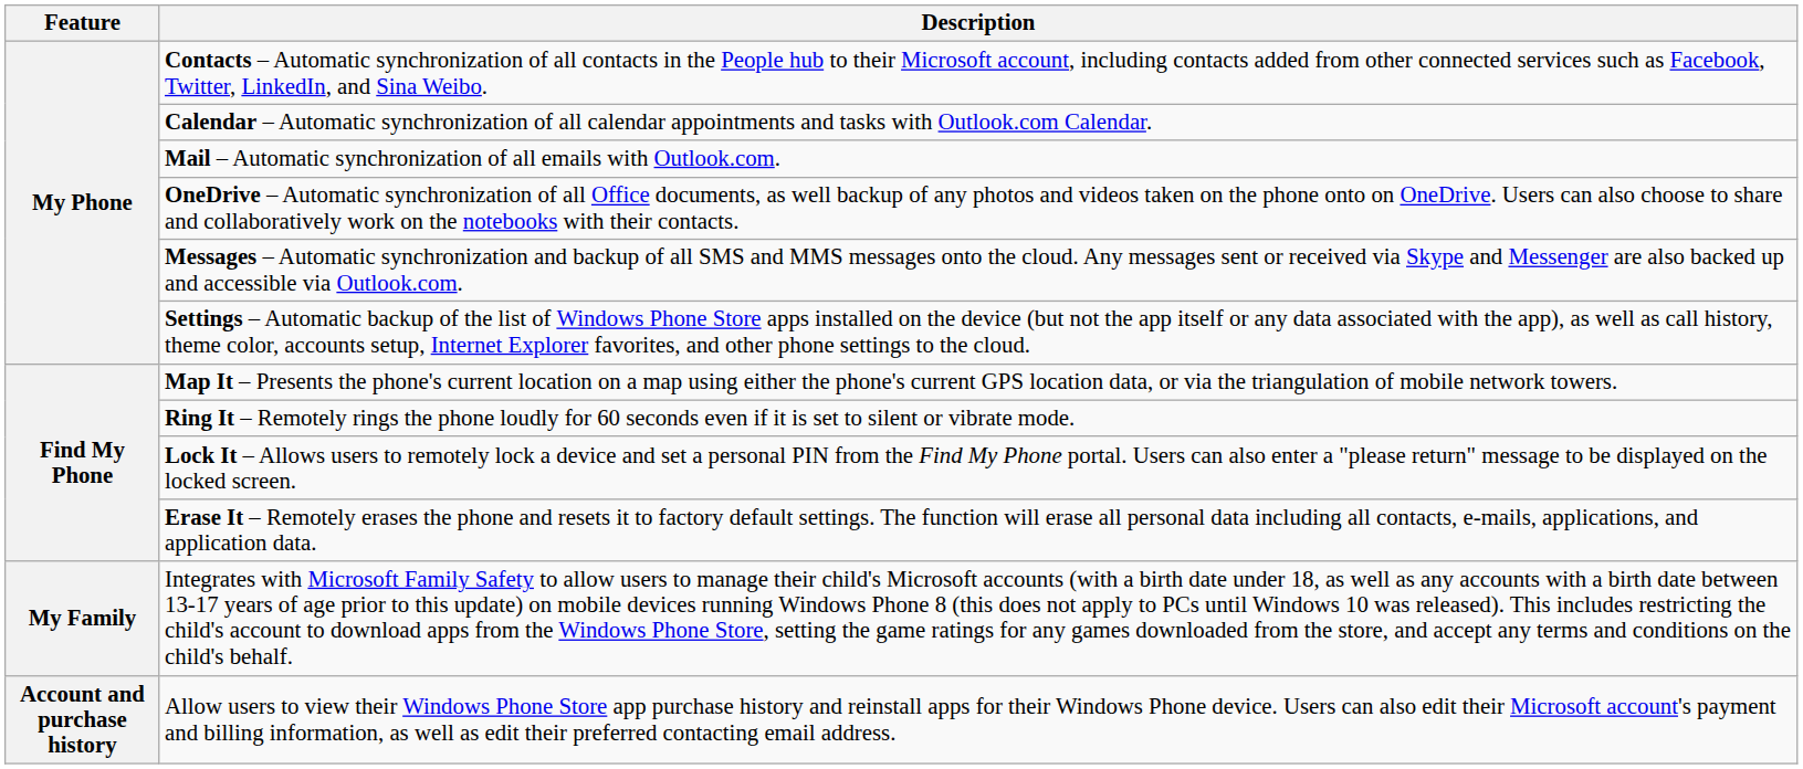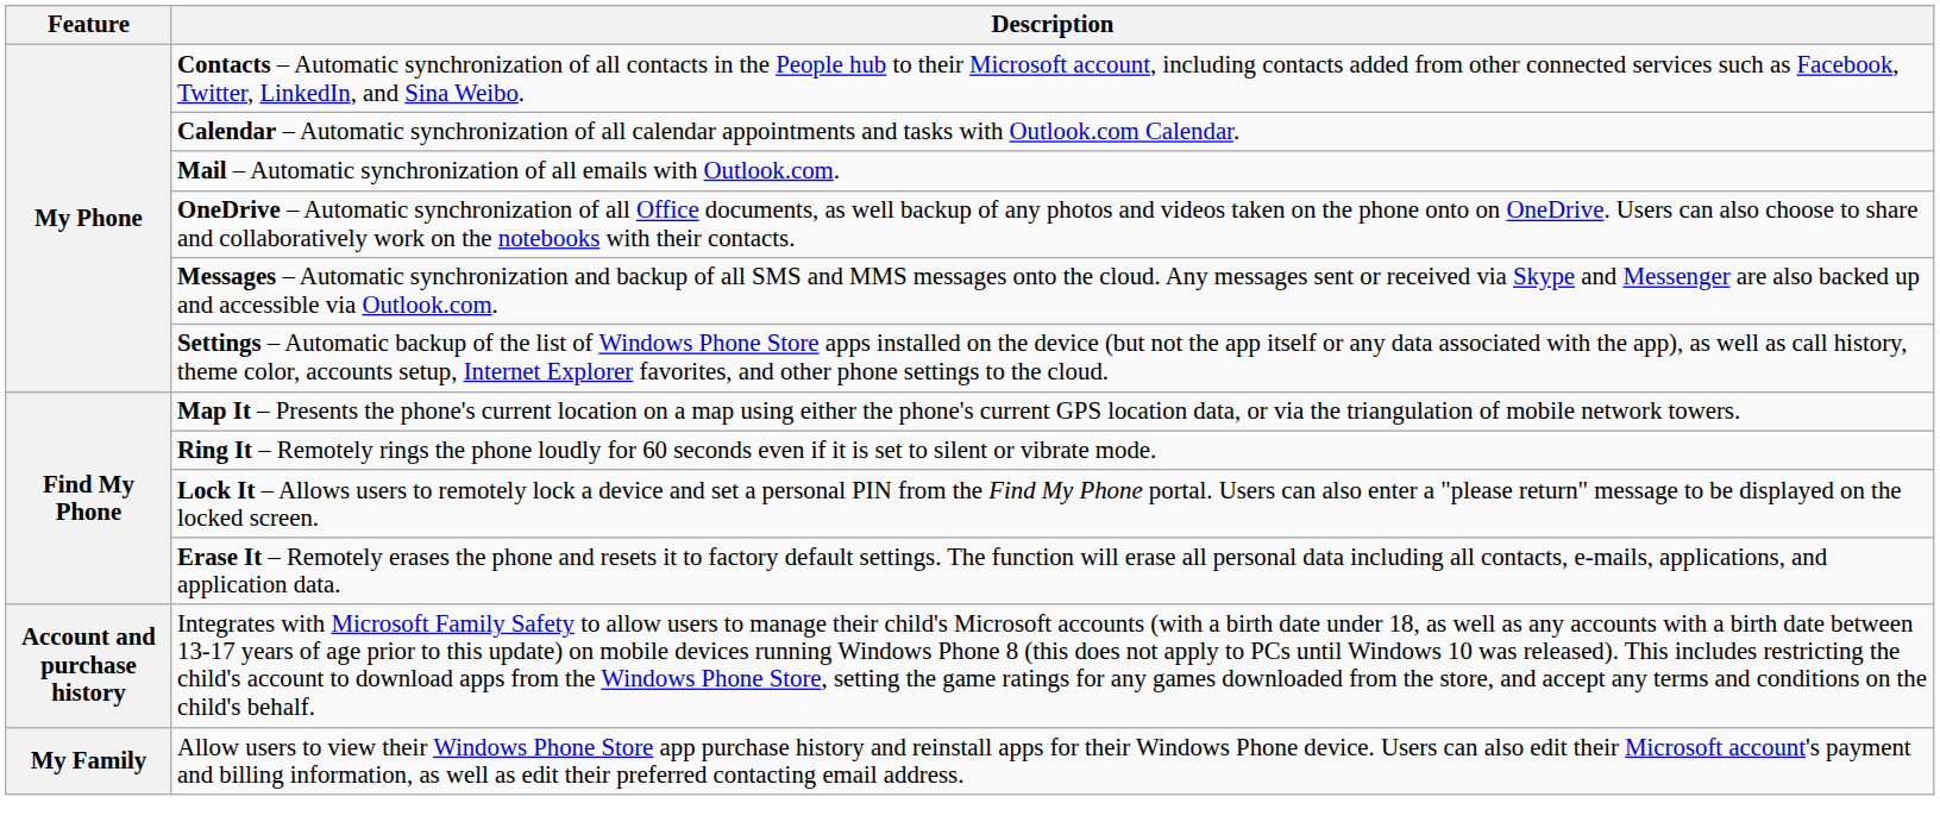 <table class="wikitable">
 <tr>
 <th width="100">Feature</th>
 <th>Description</th>
 </tr>
 <tr>
 <th rowspan="6">My Phone</th>
 <td><strong>Contacts</strong> – Automatic synchronization of all contacts in the <a href='#'>People hub</a> to their <a href='#'>Microsoft account</a>, including contacts added from other connected services such as <a href='#'>Facebook</a>, <a href='#'>Twitter</a>, <a href='#'>LinkedIn</a>, and <a href='#'>Sina Weibo</a>.</td>
 </tr>
 <tr>
 <td><strong>Calendar</strong> – Automatic synchronization of all calendar appointments and tasks with <a href='#'>Outlook.com Calendar</a>.</td>
 </tr>
 <tr>
 <td><strong>Mail</strong> – Automatic synchronization of all emails with <a href='#'>Outlook.com</a>.</td>
 </tr>
 <tr>
 <td><strong>OneDrive</strong> – Automatic synchronization of all <a href='#'>Office</a> documents, as well backup of any photos and videos taken on the phone onto on <a href='#'>OneDrive</a>. Users can also choose to share and collaboratively work on the <a href='#'>notebooks</a> with their contacts.</td>
 </tr>
 <tr>
 <td><strong>Messages</strong> – Automatic synchronization and backup of all SMS and MMS messages onto the cloud. Any messages sent or received via <a href='#'>Skype</a> and <a href='#'>Messenger</a> are also backed up and accessible via <a href='#'>Outlook.com</a>.</td>
 </tr>
 <tr>
 <td><strong>Settings</strong> – Automatic backup of the list of <a href='#'>Windows Phone Store</a> apps installed on the device (but not the app itself or any data associated with the app), as well as call history, theme color, accounts setup, <a href='#'>Internet Explorer</a> favorites, and other phone settings to the cloud.</td>
 </tr>
 <tr>
 <th rowspan="4">Find My Phone</th>
 <td><strong>Map It</strong> – Presents the phone's current location on a map using either the phone's current GPS location data, or via the triangulation of mobile network towers.</td>
 </tr>
 <tr>
 <td><strong>Ring It</strong> – Remotely rings the phone loudly for 60 seconds even if it is set to silent or vibrate mode.</td>
 </tr>
 <tr>
 <td><strong>Lock It</strong> – Allows users to remotely lock a device and set a personal PIN from the <em>Find My Phone</em> portal. Users can also enter a "please return" message to be displayed on the locked screen.</td>
 </tr>
 <tr>
 <td><strong>Erase It</strong> – Remotely erases the phone and resets it to factory default settings. The function will erase all personal data including all contacts, e-mails, applications, and application data.</td>
 </tr>
 <tr>
-<th>My Family</th>
+<th>Account and purchase history</th>
 <td>Integrates with <a href='#'>Microsoft Family Safety</a> to allow users to manage their child's Microsoft accounts (with a birth date under 18, as well as any accounts with a birth date between 13-17 years of age prior to this update) on mobile devices running Windows Phone 8 (this does not apply to PCs until Windows 10 was released). This includes restricting the child's account to download apps from the <a href='#'>Windows Phone Store</a>, setting the game ratings for any games downloaded from the store, and accept any terms and conditions on the child's behalf.</td>
 </tr>
 <tr>
-<th>Account and purchase history</th>
+<th>My Family</th>
 <td>Allow users to view their <a href='#'>Windows Phone Store</a> app purchase history and reinstall apps for their Windows Phone device. Users can also edit their <a href='#'>Microsoft account</a>'s payment and billing information, as well as edit their preferred contacting email address.</td>
 </tr>
 </table>
